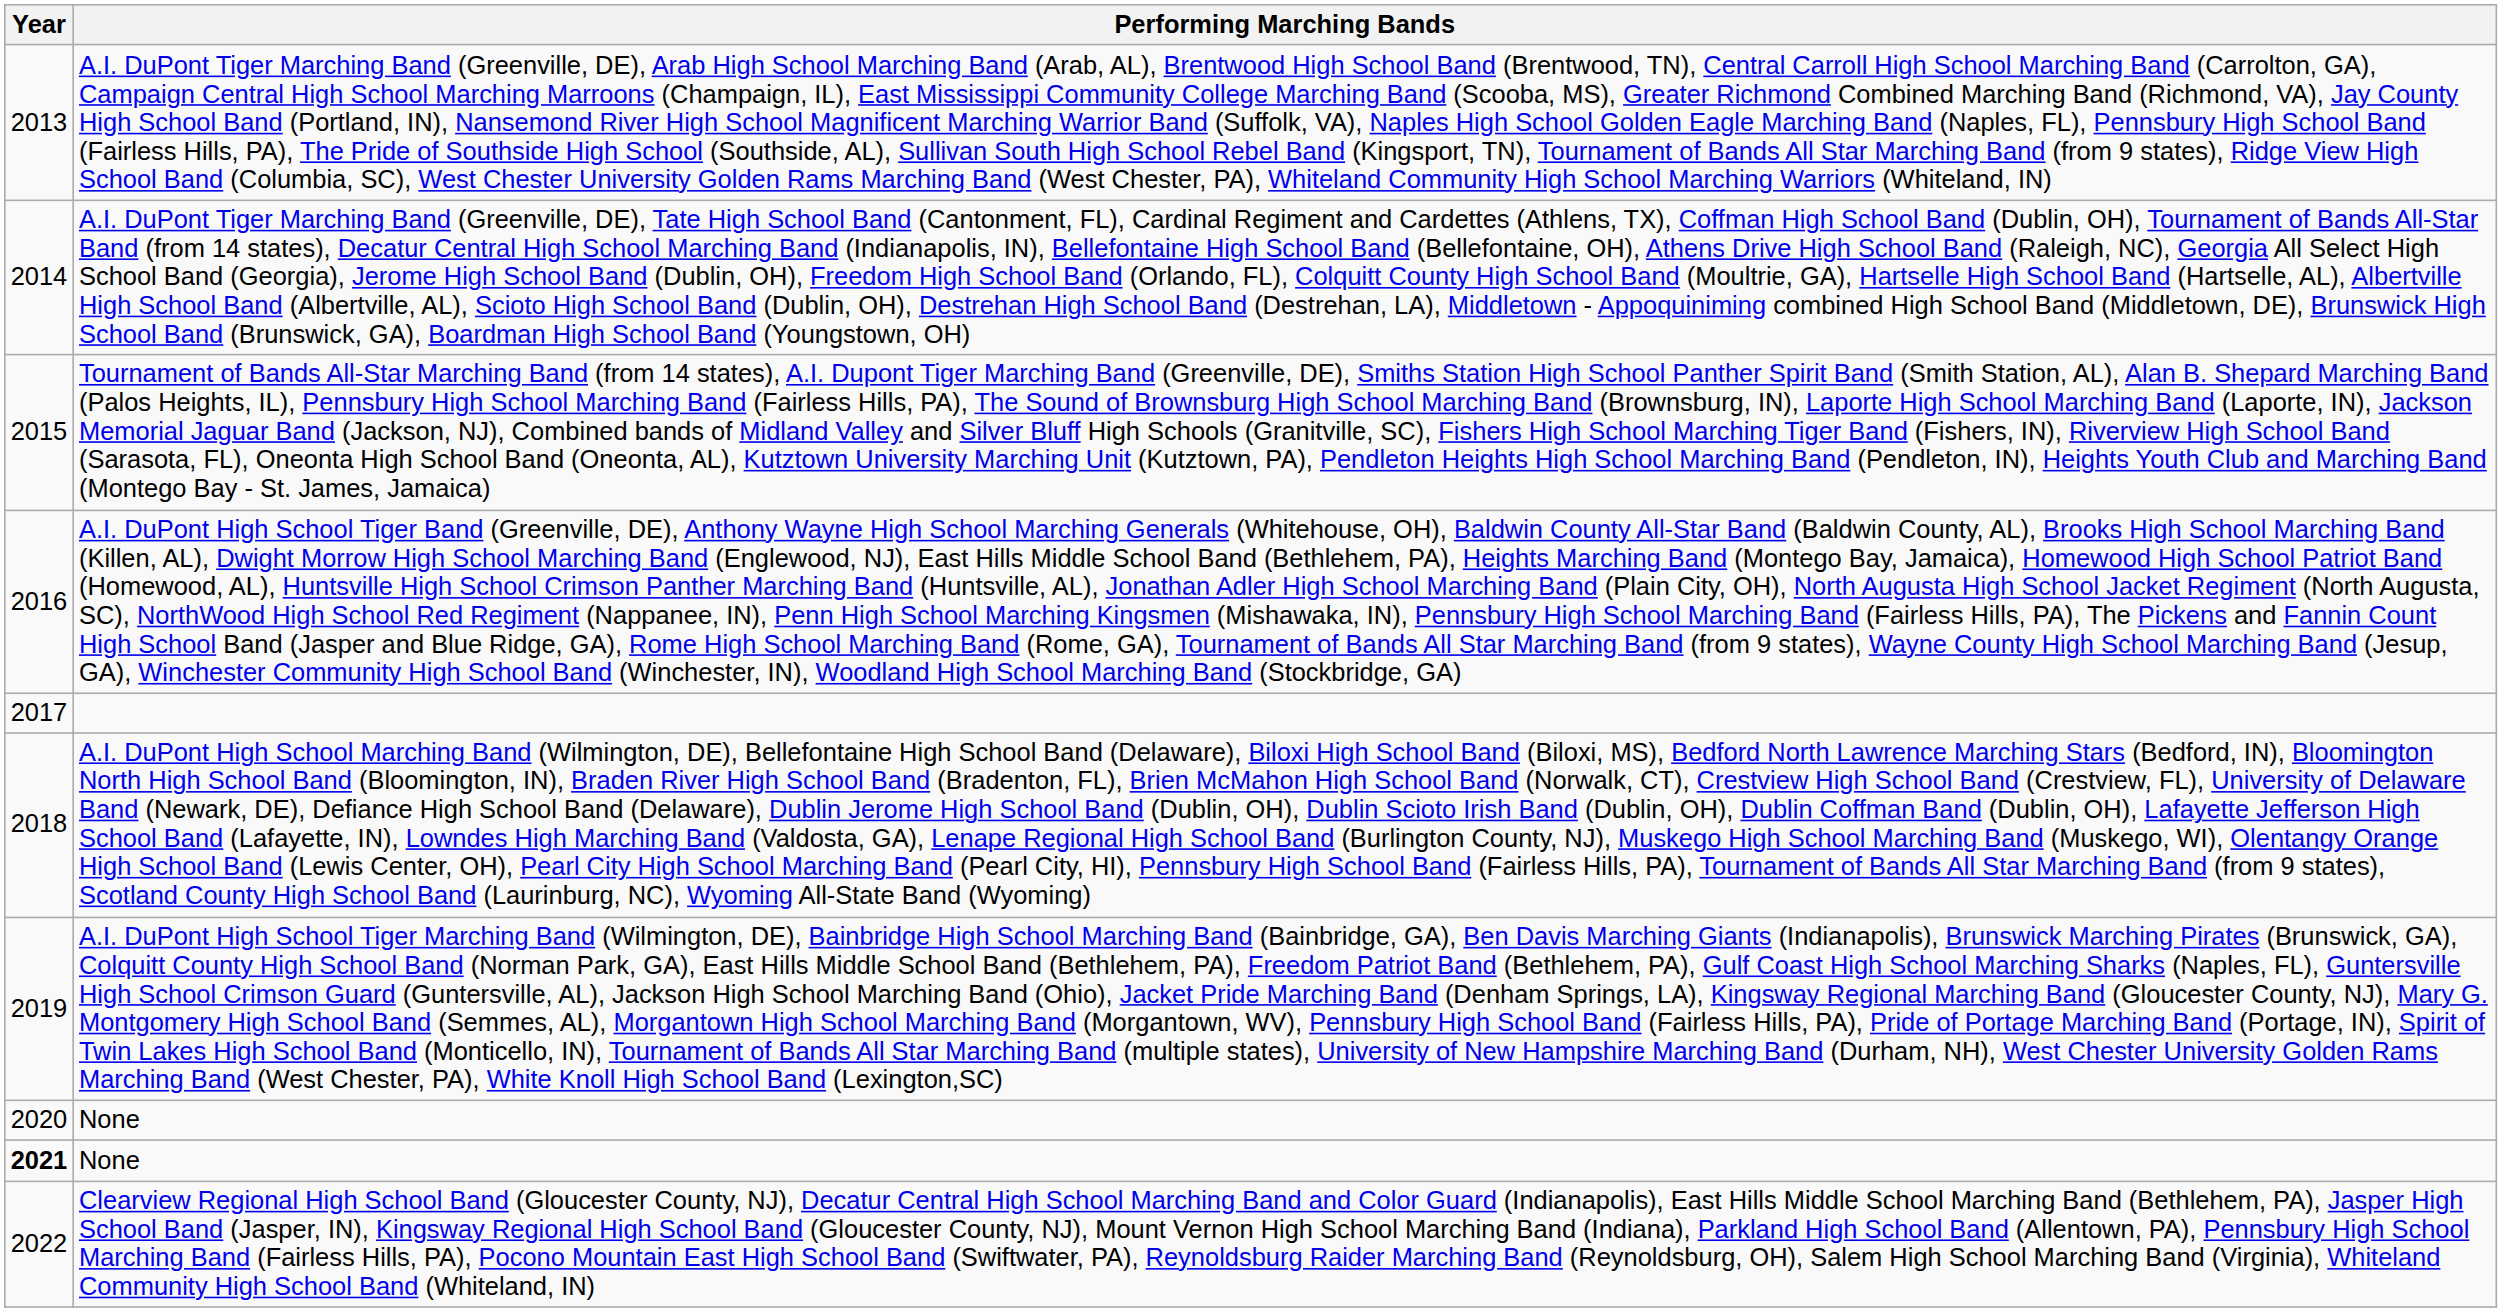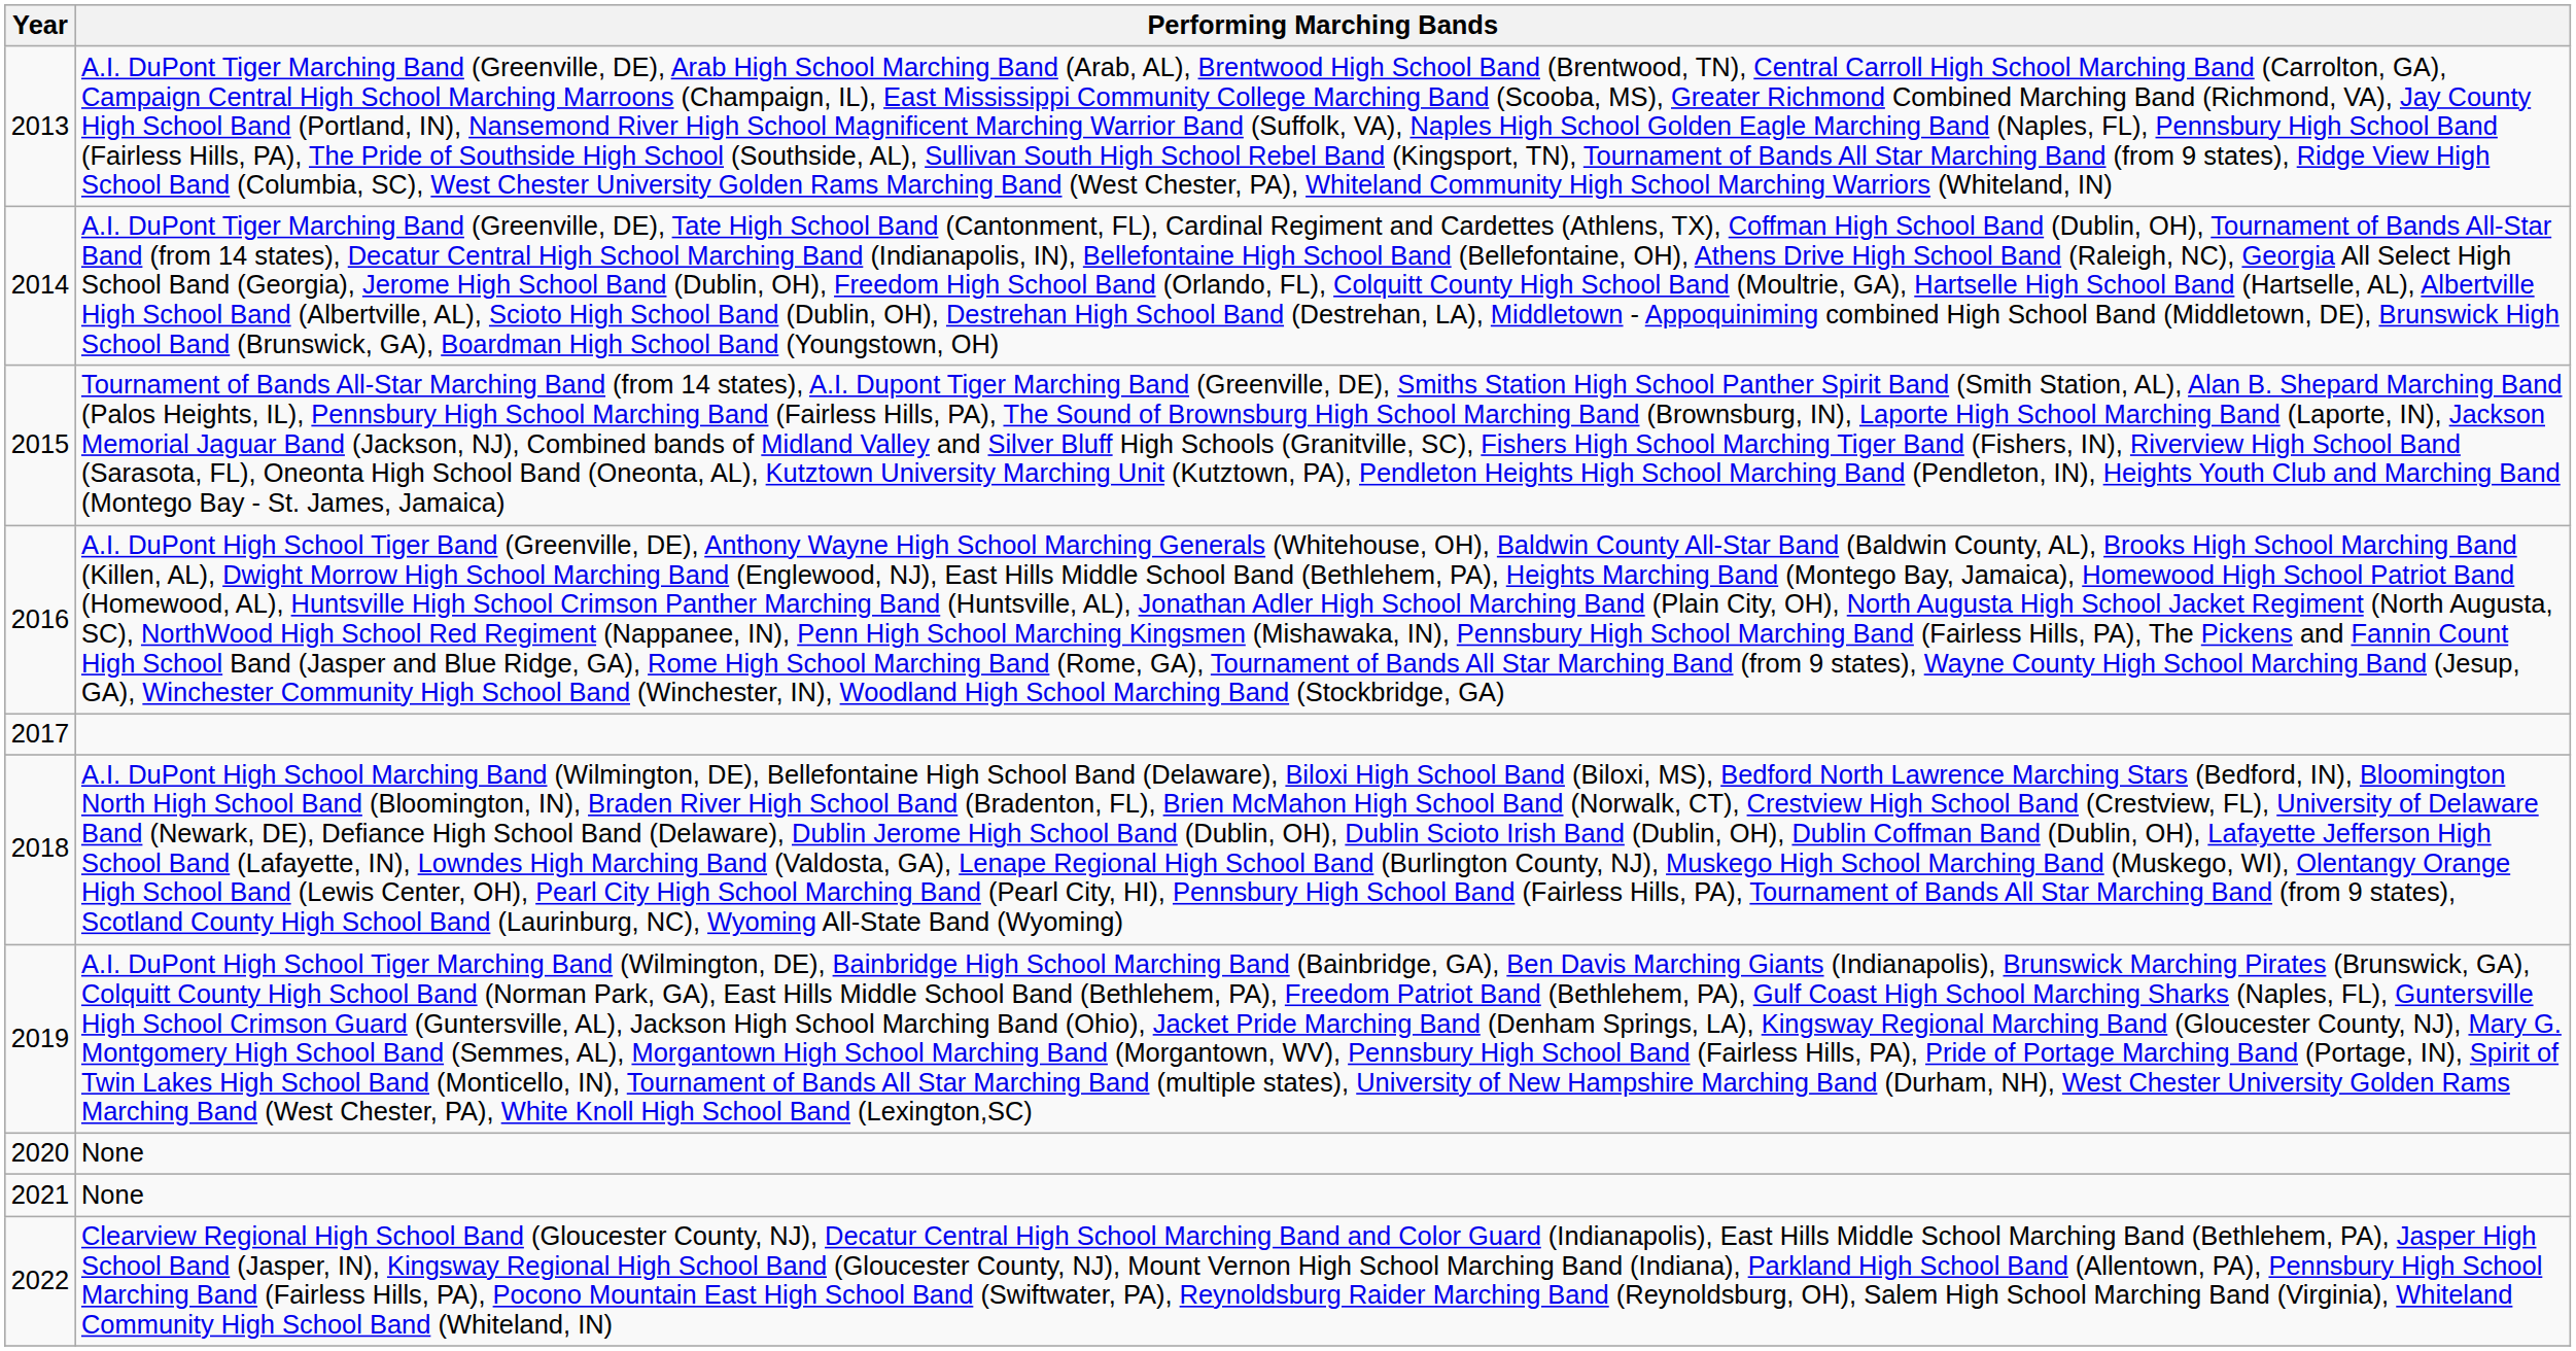 <table class="wikitable">
 <tr>
 <th>Year</th>
 <th>Performing Marching Bands</th>
 </tr>
 <tr>
 <td>2013</td>
 <td><a href='#'>A.I. DuPont Tiger Marching Band</a> (Greenville, DE), <a href='#'>Arab High School Marching Band</a> (Arab, AL), <a href='#'>Brentwood High School Band</a> (Brentwood, TN), <a href='#'>Central Carroll High School Marching Band</a> (Carrolton, GA), <a href='#'>Campaign Central High School Marching Marroons</a> (Champaign, IL), <a href='#'>East Mississippi Community College Marching Band</a> (Scooba, MS), <a href='#'>Greater Richmond</a> Combined Marching Band (Richmond, VA), <a href='#'>Jay County High School Band</a> (Portland, IN),  <a href='#'>Nansemond River High School Magnificent Marching Warrior Band</a> (Suffolk, VA), <a href='#'>Naples High School Golden Eagle Marching Band</a> (Naples, FL), <a href='#'>Pennsbury High School Band</a> (Fairless Hills, PA), <a href='#'>The Pride of Southside High School</a> (Southside, AL), <a href='#'>Sullivan South High School Rebel Band</a> (Kingsport, TN), <a href='#'>Tournament of Bands All Star Marching Band</a> (from 9 states), <a href='#'>Ridge View High School Band</a> (Columbia, SC), <a href='#'>West Chester University Golden Rams Marching Band</a> (West Chester, PA), <a href='#'>Whiteland Community High School Marching Warriors</a> (Whiteland, IN)</td>
 </tr>
 <tr>
 <td>2014</td>
 <td><a href='#'>A.I. DuPont Tiger Marching Band</a> (Greenville, DE), <a href='#'>Tate High School Band</a> (Cantonment, FL), Cardinal Regiment and Cardettes (Athlens, TX), <a href='#'>Coffman High School Band</a> (Dublin, OH), <a href='#'>Tournament of Bands All-Star Band</a> (from 14 states), <a href='#'>Decatur Central High School Marching Band</a> (Indianapolis, IN), <a href='#'>Bellefontaine High School Band</a> (Bellefontaine, OH), <a href='#'>Athens Drive High School Band</a> (Raleigh, NC), <a href='#'>Georgia</a> All Select High School Band (Georgia), <a href='#'>Jerome High School Band</a> (Dublin, OH), <a href='#'>Freedom High School Band</a> (Orlando, FL), <a href='#'>Colquitt County High School Band</a> (Moultrie, GA), <a href='#'>Hartselle High School Band</a> (Hartselle, AL), <a href='#'>Albertville High School Band</a> (Albertville, AL), <a href='#'>Scioto High School Band</a> (Dublin, OH), <a href='#'>Destrehan High School Band</a> (Destrehan, LA), <a href='#'>Middletown</a> - <a href='#'>Appoquiniming</a> combined High School Band (Middletown, DE), <a href='#'>Brunswick High School Band</a> (Brunswick, GA), <a href='#'>Boardman High School Band</a> (Youngstown, OH)</td>
 </tr>
 <tr>
 <td>2015</td>
 <td><a href='#'>Tournament of Bands All-Star Marching Band</a> (from 14 states), <a href='#'>A.I. Dupont Tiger Marching Band</a> (Greenville, DE), <a href='#'>Smiths Station High School Panther Spirit Band</a> (Smith Station, AL), <a href='#'>Alan B. Shepard Marching Band</a> (Palos Heights, IL), <a href='#'>Pennsbury High School Marching Band</a> (Fairless Hills, PA), <a href='#'>The Sound of Brownsburg High School Marching Band</a> (Brownsburg, IN), <a href='#'>Laporte High School Marching Band</a> (Laporte, IN), <a href='#'>Jackson Memorial Jaguar Band</a> (Jackson, NJ), Combined bands of <a href='#'>Midland Valley</a> and <a href='#'>Silver Bluff</a> High Schools (Granitville, SC), <a href='#'>Fishers High School Marching Tiger Band</a> (Fishers, IN), <a href='#'>Riverview High School Band</a> (Sarasota, FL), Oneonta High School Band (Oneonta, AL), <a href='#'>Kutztown University Marching Unit</a> (Kutztown, PA), <a href='#'>Pendleton Heights High School Marching Band</a> (Pendleton, IN), <a href='#'>Heights Youth Club and Marching Band</a> (Montego Bay - St. James, Jamaica)</td>
 </tr>
 <tr>
 <td>2016</td>
 <td><a href='#'>A.I. DuPont High School Tiger Band</a> (Greenville, DE), <a href='#'>Anthony Wayne High School Marching Generals</a> (Whitehouse, OH), <a href='#'>Baldwin County All-Star Band</a> (Baldwin County, AL), <a href='#'>Brooks High School Marching Band</a> (Killen, AL), <a href='#'>Dwight Morrow High School Marching Band</a> (Englewood, NJ), East Hills Middle School Band (Bethlehem, PA), <a href='#'>Heights Marching Band</a> (Montego Bay, Jamaica), <a href='#'>Homewood High School Patriot Band</a> (Homewood, AL), <a href='#'>Huntsville High School Crimson Panther Marching Band</a> (Huntsville, AL), <a href='#'>Jonathan Adler High School Marching Band</a> (Plain City, OH), <a href='#'>North Augusta High School Jacket Regiment</a> (North Augusta, SC), <a href='#'>NorthWood High School Red Regiment</a> (Nappanee, IN), <a href='#'>Penn High School Marching Kingsmen</a> (Mishawaka, IN), <a href='#'>Pennsbury High School Marching Band</a> (Fairless Hills, PA), The <a href='#'>Pickens</a> and <a href='#'>Fannin Count High School</a> Band (Jasper and Blue Ridge, GA), <a href='#'>Rome High School Marching Band</a> (Rome, GA), <a href='#'>Tournament of Bands All Star Marching Band</a> (from 9 states), <a href='#'>Wayne County High School Marching Band</a> (Jesup, GA), <a href='#'>Winchester Community High School Band</a> (Winchester, IN), <a href='#'>Woodland High School Marching Band</a> (Stockbridge, GA)</td>
 </tr>
 <tr>
 <td>2017</td>
 <td></td>
 </tr>
 <tr>
 <td>2018</td>
 <td><a href='#'>A.I. DuPont High School Marching Band</a> (Wilmington, DE), Bellefontaine High School Band (Delaware), <a href='#'>Biloxi High School Band</a> (Biloxi, MS), <a href='#'>Bedford North Lawrence Marching Stars</a> (Bedford, IN), <a href='#'>Bloomington North High School Band</a> (Bloomington, IN), <a href='#'>Braden River High School Band</a> (Bradenton, FL), <a href='#'>Brien McMahon High School Band</a> (Norwalk, CT), <a href='#'>Crestview High School Band</a> (Crestview, FL), <a href='#'>University of Delaware Band</a> (Newark, DE), Defiance High School Band (Delaware), <a href='#'>Dublin Jerome High School Band</a> (Dublin, OH), <a href='#'>Dublin Scioto Irish Band</a> (Dublin, OH), <a href='#'>Dublin Coffman Band</a> (Dublin, OH), <a href='#'>Lafayette Jefferson High School Band</a> (Lafayette, IN), <a href='#'>Lowndes High Marching Band</a> (Valdosta, GA), <a href='#'>Lenape Regional High School Band</a> (Burlington County, NJ), <a href='#'>Muskego High School Marching Band</a> (Muskego, WI), <a href='#'>Olentangy Orange High School Band</a> (Lewis Center, OH), <a href='#'>Pearl City High School Marching Band</a> (Pearl City, HI), <a href='#'>Pennsbury High School Band</a> (Fairless Hills, PA), <a href='#'>Tournament of Bands All Star Marching Band</a> (from 9 states), <a href='#'>Scotland County High School Band</a> (Laurinburg, NC), <a href='#'>Wyoming</a> All-State Band (Wyoming)</td>
 </tr>
 <tr>
 <td>2019</td>
 <td><a href='#'>A.I. DuPont High School Tiger Marching Band</a> (Wilmington, DE), <a href='#'>Bainbridge High School Marching Band</a> (Bainbridge, GA), <a href='#'>Ben Davis Marching Giants</a> (Indianapolis), <a href='#'>Brunswick Marching Pirates</a> (Brunswick, GA), <a href='#'>Colquitt County High School Band</a> (Norman Park, GA), East Hills Middle School Band (Bethlehem, PA), <a href='#'>Freedom Patriot Band</a> (Bethlehem, PA), <a href='#'>Gulf Coast High School Marching Sharks</a> (Naples, FL), <a href='#'>Guntersville High School Crimson Guard</a> (Guntersville, AL), Jackson High School Marching Band (Ohio), <a href='#'>Jacket Pride Marching Band</a> (Denham Springs, LA), <a href='#'>Kingsway Regional Marching Band</a> (Gloucester County, NJ), <a href='#'>Mary G. Montgomery High School Band</a> (Semmes, AL), <a href='#'>Morgantown High School Marching Band</a> (Morgantown, WV), <a href='#'>Pennsbury High School Band</a> (Fairless Hills, PA), <a href='#'>Pride of Portage Marching Band</a> (Portage, IN), <a href='#'>Spirit of Twin Lakes High School Band</a> (Monticello, IN), <a href='#'>Tournament of Bands All Star Marching Band</a> (multiple states), <a href='#'>University of New Hampshire Marching Band</a> (Durham, NH), <a href='#'>West Chester University Golden Rams Marching Band</a> (West Chester, PA), <a href='#'>White Knoll High School Band</a> (Lexington,SC)</td>
 </tr>
 <tr>
 <td>2020</td>
 <td>None</td>
 </tr>
 <tr>
-<td><strong>2021</strong></td>
+<td>2021</td>
 <td>None</td>
 </tr>
 <tr>
 <td>2022</td>
 <td><a href='#'>Clearview Regional High School Band</a> (Gloucester County, NJ), <a href='#'>Decatur Central High School Marching Band and Color Guard</a> (Indianapolis), East Hills Middle School Marching Band (Bethlehem, PA), <a href='#'>Jasper High School Band</a> (Jasper, IN), <a href='#'>Kingsway Regional High School Band</a> (Gloucester County, NJ), Mount Vernon High School Marching Band (Indiana), <a href='#'>Parkland High School Band</a> (Allentown, PA), <a href='#'>Pennsbury High School Marching Band</a> (Fairless Hills, PA), <a href='#'>Pocono Mountain East High School Band</a> (Swiftwater, PA), <a href='#'>Reynoldsburg Raider Marching Band</a> (Reynoldsburg, OH), Salem High School Marching Band (Virginia), <a href='#'>Whiteland Community High School Band</a> (Whiteland, IN)</td>
 </tr>
 </table>
